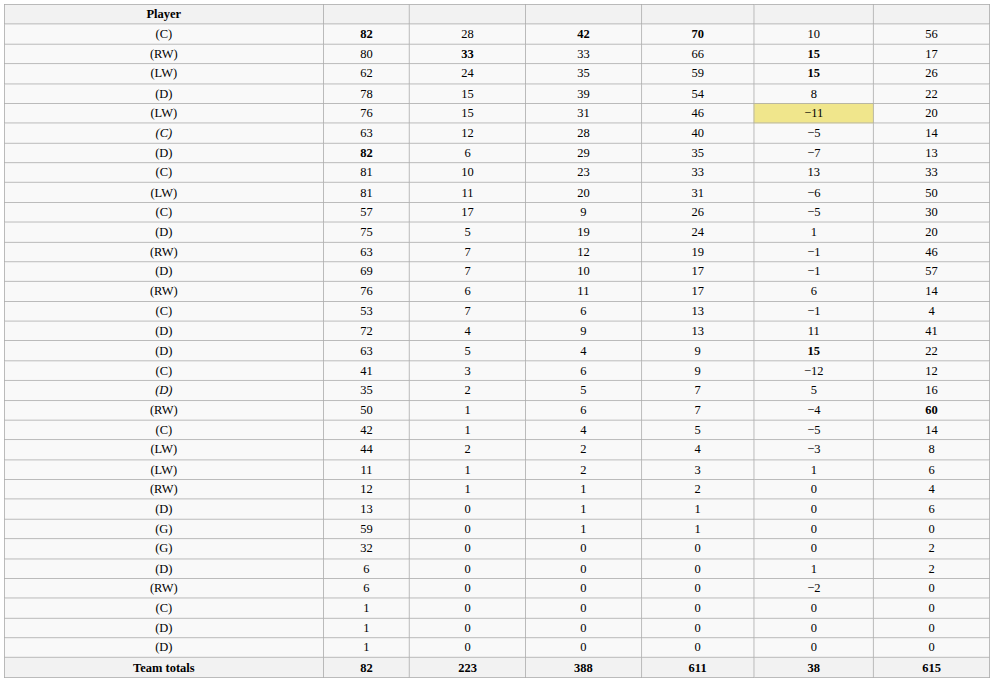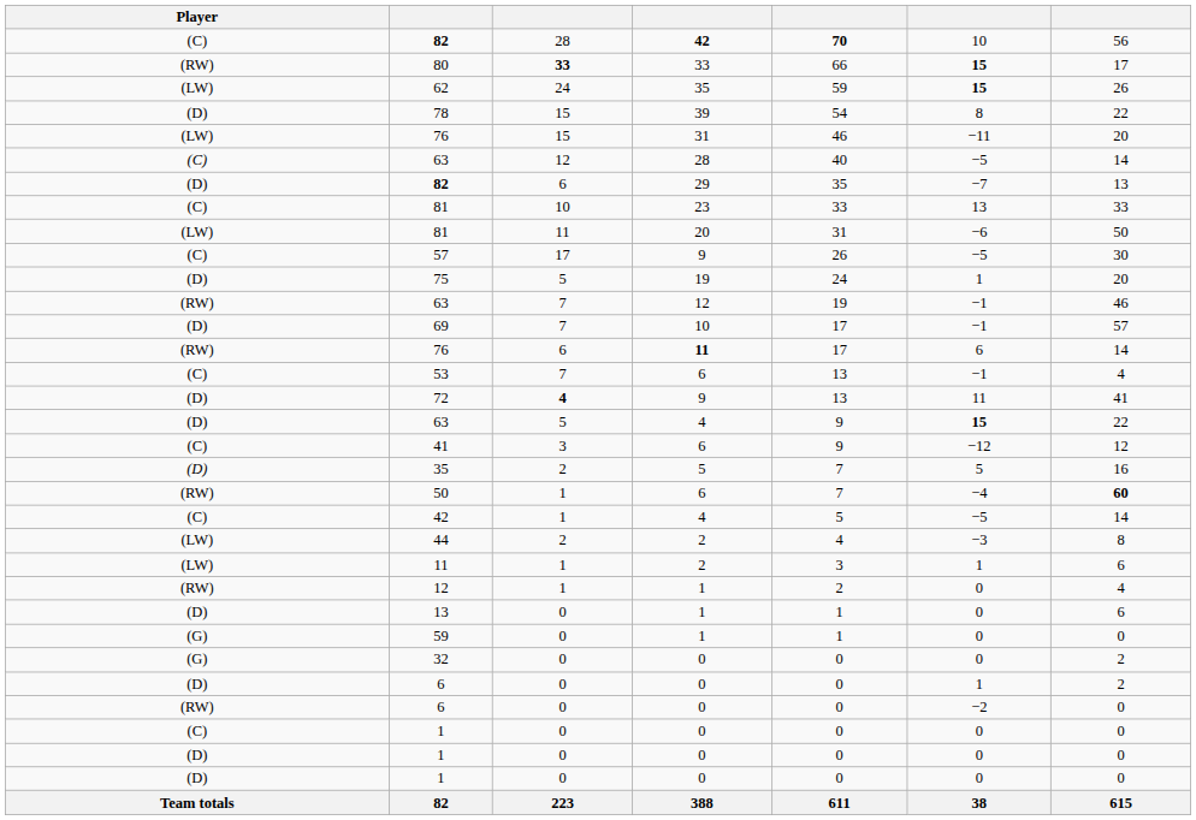 <table class="wikitable sortable" style="width:100%; text-align:center;">
 <tr>
 <th>Player</th>
 <th></th>
 <th></th>
 <th></th>
 <th></th>
 <th data-sort-type="number"></th>
 <th></th>
 </tr>
 <tr>
 <td> (C)</td>
 <td><strong>82</strong></td>
 <td>28</td>
 <td><strong>42</strong></td>
 <td><strong>70</strong></td>
 <td>10</td>
 <td>56</td>
 </tr>
 <tr>
 <td> (RW)</td>
 <td>80</td>
 <td><strong>33</strong></td>
 <td>33</td>
 <td>66</td>
 <td><strong>15</strong></td>
 <td>17</td>
 </tr>
 <tr>
 <td> (LW)</td>
 <td>62</td>
 <td>24</td>
 <td>35</td>
 <td>59</td>
 <td><strong>15</strong></td>
 <td>26</td>
 </tr>
 <tr>
 <td> (D)</td>
 <td>78</td>
 <td>15</td>
 <td>39</td>
 <td>54</td>
 <td>8</td>
 <td>22</td>
 </tr>
 <tr>
 <td> (LW)</td>
 <td>76</td>
 <td>15</td>
 <td>31</td>
 <td>46</td>
-<td style="background: khaki;">−11</td>
+<td>−11</td>
 <td>20</td>
 </tr>
 <tr>
 <td><em> (C)</em></td>
 <td>63</td>
 <td>12</td>
 <td>28</td>
 <td>40</td>
 <td>−5</td>
 <td>14</td>
 </tr>
 <tr>
 <td> (D)</td>
 <td><strong>82</strong></td>
 <td>6</td>
 <td>29</td>
 <td>35</td>
 <td>−7</td>
 <td>13</td>
 </tr>
 <tr>
 <td> (C)</td>
 <td>81</td>
 <td>10</td>
 <td>23</td>
 <td>33</td>
 <td>13</td>
 <td>33</td>
 </tr>
 <tr>
 <td> (LW)</td>
 <td>81</td>
 <td>11</td>
 <td>20</td>
 <td>31</td>
 <td>−6</td>
 <td>50</td>
 </tr>
 <tr>
 <td> (C)</td>
 <td>57</td>
 <td>17</td>
 <td>9</td>
 <td>26</td>
 <td>−5</td>
 <td>30</td>
 </tr>
 <tr>
 <td> (D)</td>
 <td>75</td>
 <td>5</td>
 <td>19</td>
 <td>24</td>
 <td>1</td>
 <td>20</td>
 </tr>
 <tr>
 <td><em></em> (RW)</td>
 <td>63</td>
 <td>7</td>
 <td>12</td>
 <td>19</td>
 <td>−1</td>
 <td>46 </td>
 </tr>
 <tr>
 <td> (D)</td>
 <td>69</td>
 <td>7</td>
 <td>10</td>
 <td>17</td>
 <td>−1</td>
 <td>57</td>
 </tr>
 <tr>
 <td> (RW)</td>
 <td>76</td>
 <td>6</td>
-<td>11</td>
+<td><strong>11</strong></td>
 <td>17</td>
 <td>6</td>
 <td>14</td>
 </tr>
 <tr>
 <td> (C)</td>
 <td>53</td>
 <td>7</td>
 <td>6</td>
 <td>13</td>
 <td>−1</td>
 <td>4</td>
 </tr>
 <tr>
 <td> (D)</td>
 <td>72</td>
-<td>4</td>
+<td><strong>4</strong></td>
 <td>9</td>
 <td>13</td>
 <td>11</td>
 <td>41</td>
 </tr>
 <tr>
 <td><em></em> (D)</td>
 <td>63</td>
 <td>5</td>
 <td>4</td>
 <td>9</td>
 <td><strong>15</strong></td>
 <td>22</td>
 </tr>
 <tr>
 <td> (C)</td>
 <td>41</td>
 <td>3</td>
 <td>6</td>
 <td>9</td>
 <td>−12</td>
 <td>12</td>
 </tr>
 <tr>
 <td><em> (D)</em></td>
 <td>35</td>
 <td>2</td>
 <td>5</td>
 <td>7</td>
 <td>5</td>
 <td>16</td>
 </tr>
 <tr>
 <td> (RW)</td>
 <td>50</td>
 <td>1</td>
 <td>6</td>
 <td>7</td>
 <td>−4</td>
 <td><strong>60</strong></td>
 </tr>
 <tr>
 <td> (C)</td>
 <td>42</td>
 <td>1</td>
 <td>4</td>
 <td>5</td>
 <td>−5</td>
 <td>14</td>
 </tr>
 <tr>
 <td><em></em> (LW)</td>
 <td>44</td>
 <td>2</td>
 <td>2</td>
 <td>4</td>
 <td>−3</td>
 <td>8</td>
 </tr>
 <tr>
 <td> (LW)</td>
 <td>11</td>
 <td>1</td>
 <td>2</td>
 <td>3</td>
 <td>1</td>
 <td>6</td>
 </tr>
 <tr>
 <td> (RW)</td>
 <td>12</td>
 <td>1</td>
 <td>1</td>
 <td>2</td>
 <td>0</td>
 <td>4</td>
 </tr>
 <tr>
 <td> (D)</td>
 <td>13</td>
 <td>0</td>
 <td>1</td>
 <td>1</td>
 <td>0</td>
 <td>6</td>
 </tr>
 <tr>
 <td> (G)</td>
 <td>59</td>
 <td>0</td>
 <td>1</td>
 <td>1</td>
 <td>0</td>
 <td>0</td>
 </tr>
 <tr>
 <td> (G)</td>
 <td>32</td>
 <td>0</td>
 <td>0</td>
 <td>0</td>
 <td>0</td>
 <td>2</td>
 </tr>
 <tr>
 <td> (D)</td>
 <td>6</td>
 <td>0</td>
 <td>0</td>
 <td>0</td>
 <td>1</td>
 <td>2</td>
 </tr>
 <tr>
 <td> (RW)</td>
 <td>6</td>
 <td>0</td>
 <td>0</td>
 <td>0</td>
 <td>−2</td>
 <td>0</td>
 </tr>
 <tr>
 <td> (C)</td>
 <td>1</td>
 <td>0</td>
 <td>0</td>
 <td>0</td>
 <td>0</td>
 <td>0</td>
 </tr>
 <tr>
 <td><em></em> (D)</td>
 <td>1</td>
 <td>0</td>
 <td>0</td>
 <td>0</td>
 <td>0</td>
 <td>0</td>
 </tr>
 <tr>
 <td> (D)</td>
 <td>1</td>
 <td>0</td>
 <td>0</td>
 <td>0</td>
 <td>0</td>
 <td>0</td>
 </tr>
 <tr>
 <th>Team totals</th>
 <th>82</th>
 <th>223</th>
 <th>388</th>
 <th>611</th>
 <th>38</th>
 <th>615 <br></th>
 </tr>
 </table>
